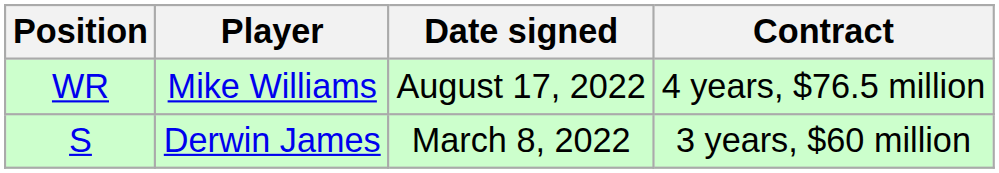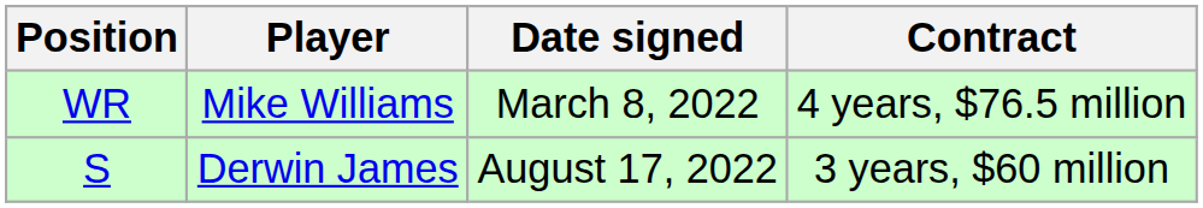 <table class="wikitable" style="text-align:center">
 <tr>
 <th>Position</th>
 <th>Player</th>
 <th>Date signed</th>
 <th>Contract</th>
 </tr>
 <tr style="background:#cfc">
 <td><a href='#'>WR</a></td>
 <td><a href='#'>Mike Williams</a></td>
-<td>August 17, 2022</td>
+<td>March 8, 2022</td>
 <td>4 years,  $76.5 million</td>
 </tr>
 <tr style="background:#cfc">
 <td><a href='#'>S</a></td>
 <td><a href='#'>Derwin James</a></td>
-<td>March 8, 2022</td>
+<td>August 17, 2022</td>
 <td>3 years, $60 million</td>
 </tr>
 </table>
